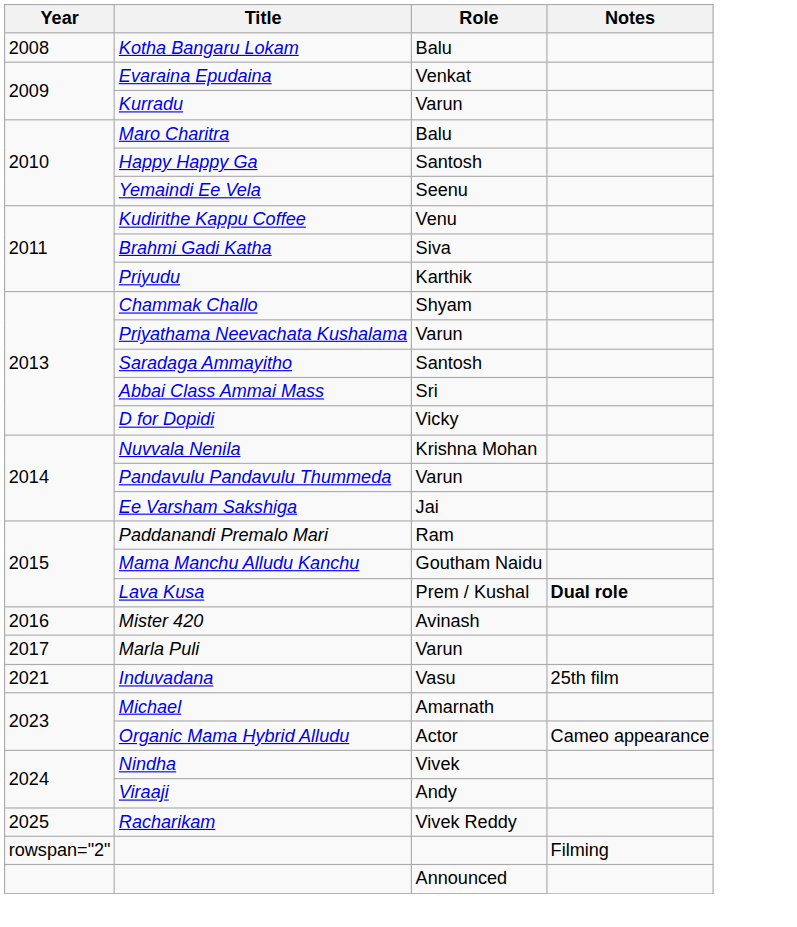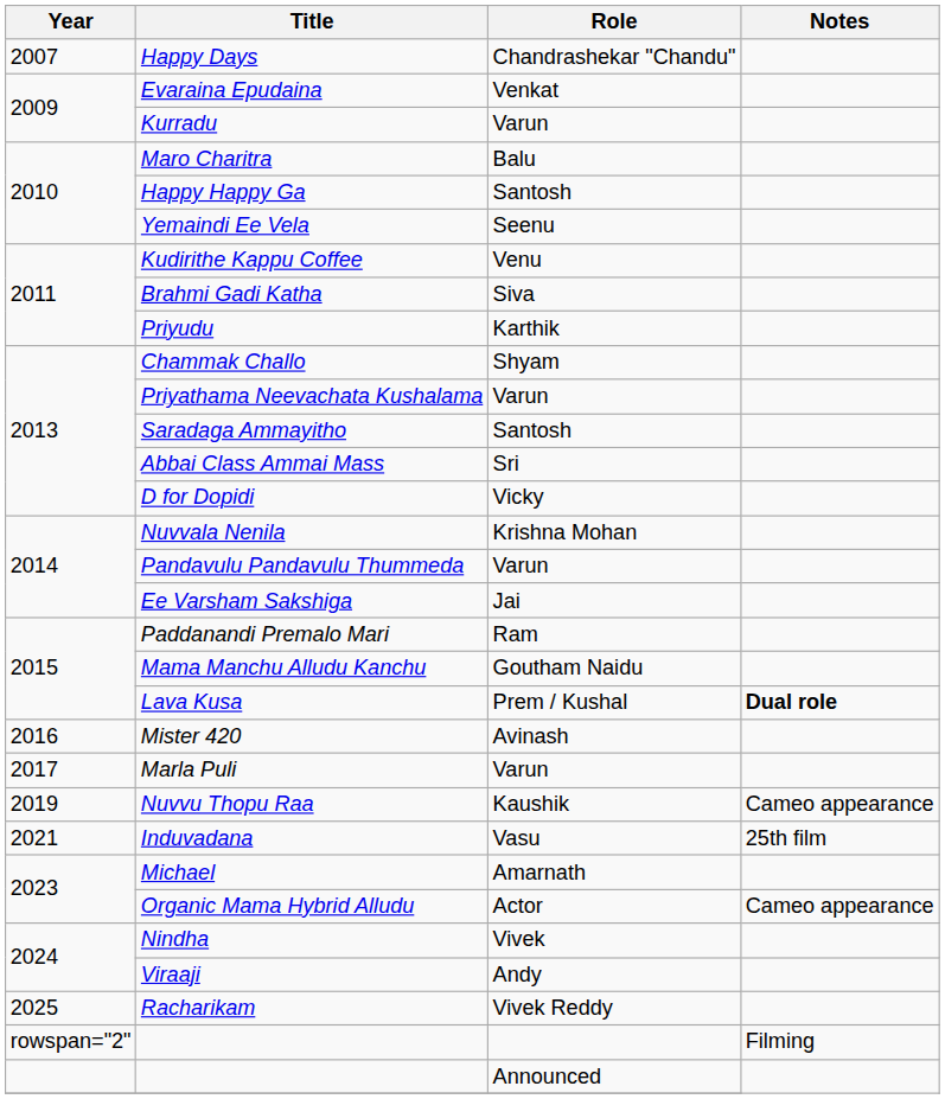 <table class="wikitable sortable">
 <tr style="text-align:center;">
 <th>Year</th>
 <th>Title</th>
 <th>Role</th>
 <th>Notes</th>
 </tr>
 <tr>
-<td>2008</td>
-<td><em><a href='#'>Kotha Bangaru Lokam</a></em></td>
-<td>Balu</td>
+<td>2007</td>
+<td><em><a href='#'>Happy Days</a></em></td>
+<td>Chandrashekar "Chandu"</td>
 <td></td>
 </tr>
 <tr>
 <td rowspan="2">2009</td>
 <td><em><a href='#'>Evaraina Epudaina</a></em></td>
 <td>Venkat</td>
 <td></td>
 </tr>
 <tr>
 <td><em><a href='#'>Kurradu</a></em></td>
 <td>Varun</td>
 <td></td>
 </tr>
 <tr>
 <td rowspan="3">2010</td>
 <td><em><a href='#'>Maro Charitra</a></em></td>
 <td>Balu</td>
 <td></td>
 </tr>
 <tr>
 <td><em><a href='#'>Happy Happy Ga</a></em></td>
 <td>Santosh</td>
 <td></td>
 </tr>
 <tr>
 <td><em><a href='#'>Yemaindi Ee Vela</a></em></td>
 <td>Seenu</td>
 <td></td>
 </tr>
 <tr>
 <td rowspan="3">2011</td>
 <td><em><a href='#'>Kudirithe Kappu Coffee</a></em></td>
 <td>Venu</td>
 <td></td>
 </tr>
 <tr>
 <td><em><a href='#'>Brahmi Gadi Katha</a></em></td>
 <td>Siva</td>
 <td></td>
 </tr>
 <tr>
 <td><em><a href='#'>Priyudu</a></em></td>
 <td>Karthik</td>
 <td></td>
 </tr>
 <tr>
 <td rowspan="5">2013</td>
 <td><em><a href='#'>Chammak Challo</a></em></td>
 <td>Shyam</td>
 <td></td>
 </tr>
 <tr>
 <td><em><a href='#'>Priyathama Neevachata Kushalama</a></em></td>
 <td>Varun</td>
 <td></td>
 </tr>
 <tr>
 <td><em><a href='#'>Saradaga Ammayitho</a></em></td>
 <td>Santosh</td>
 <td></td>
 </tr>
 <tr>
 <td><em><a href='#'>Abbai Class Ammai Mass</a></em></td>
 <td>Sri</td>
 <td></td>
 </tr>
 <tr>
 <td><em><a href='#'>D for Dopidi</a></em></td>
 <td>Vicky</td>
 <td></td>
 </tr>
 <tr>
 <td rowspan="3">2014</td>
 <td><em><a href='#'>Nuvvala Nenila</a></em></td>
 <td>Krishna Mohan</td>
 <td></td>
 </tr>
 <tr>
 <td><em><a href='#'>Pandavulu Pandavulu Thummeda</a></em></td>
 <td>Varun</td>
 <td></td>
 </tr>
 <tr>
 <td><em><a href='#'>Ee Varsham Sakshiga</a></em></td>
 <td>Jai</td>
 <td></td>
 </tr>
 <tr>
 <td rowspan="3">2015</td>
 <td><em>Paddanandi Premalo Mari</em></td>
 <td>Ram</td>
 <td></td>
 </tr>
 <tr>
 <td><em><a href='#'>Mama Manchu Alludu Kanchu</a></em></td>
 <td>Goutham Naidu</td>
 <td></td>
 </tr>
 <tr>
 <td><em><a href='#'>Lava Kusa</a></em></td>
 <td>Prem / Kushal</td>
 <td><strong>Dual role</strong></td>
 </tr>
 <tr>
 <td>2016</td>
 <td><em>Mister 420</em></td>
 <td>Avinash</td>
 <td></td>
 </tr>
 <tr>
 <td>2017</td>
 <td><em>Marla Puli</em></td>
 <td>Varun</td>
 <td></td>
 </tr>
 <tr>
+<td>2019</td>
+<td><em><a href='#'>Nuvvu Thopu Raa</a></em></td>
+<td>Kaushik</td>
+<td>Cameo appearance</td>
+</tr>
+<tr>
 <td>2021</td>
 <td><em><a href='#'>Induvadana</a></em></td>
 <td>Vasu</td>
 <td>25th film</td>
 </tr>
 <tr>
 <td rowspan="2">2023</td>
 <td><em><a href='#'>Michael</a></em></td>
 <td>Amarnath</td>
 <td></td>
 </tr>
 <tr>
 <td><em><a href='#'>Organic Mama Hybrid Alludu</a></em></td>
 <td>Actor</td>
 <td>Cameo appearance</td>
 </tr>
 <tr>
 <td rowspan="2">2024</td>
 <td><em><a href='#'>Nindha</a></em></td>
 <td>Vivek</td>
 <td></td>
 </tr>
 <tr>
 <td><em><a href='#'>Viraaji</a></em></td>
 <td>Andy</td>
 <td></td>
 </tr>
 <tr>
 <td>2025</td>
 <td><em><a href='#'>Racharikam</a></em></td>
 <td>Vivek Reddy</td>
 <td></td>
 </tr>
 <tr>
 <td>rowspan="2" </td>
 <td></td>
 <td></td>
 <td>Filming</td>
 </tr>
 <tr>
 <td></td>
 <td></td>
 <td>Announced</td>
 </tr>
 <tr>
 </tr>
 </table>
